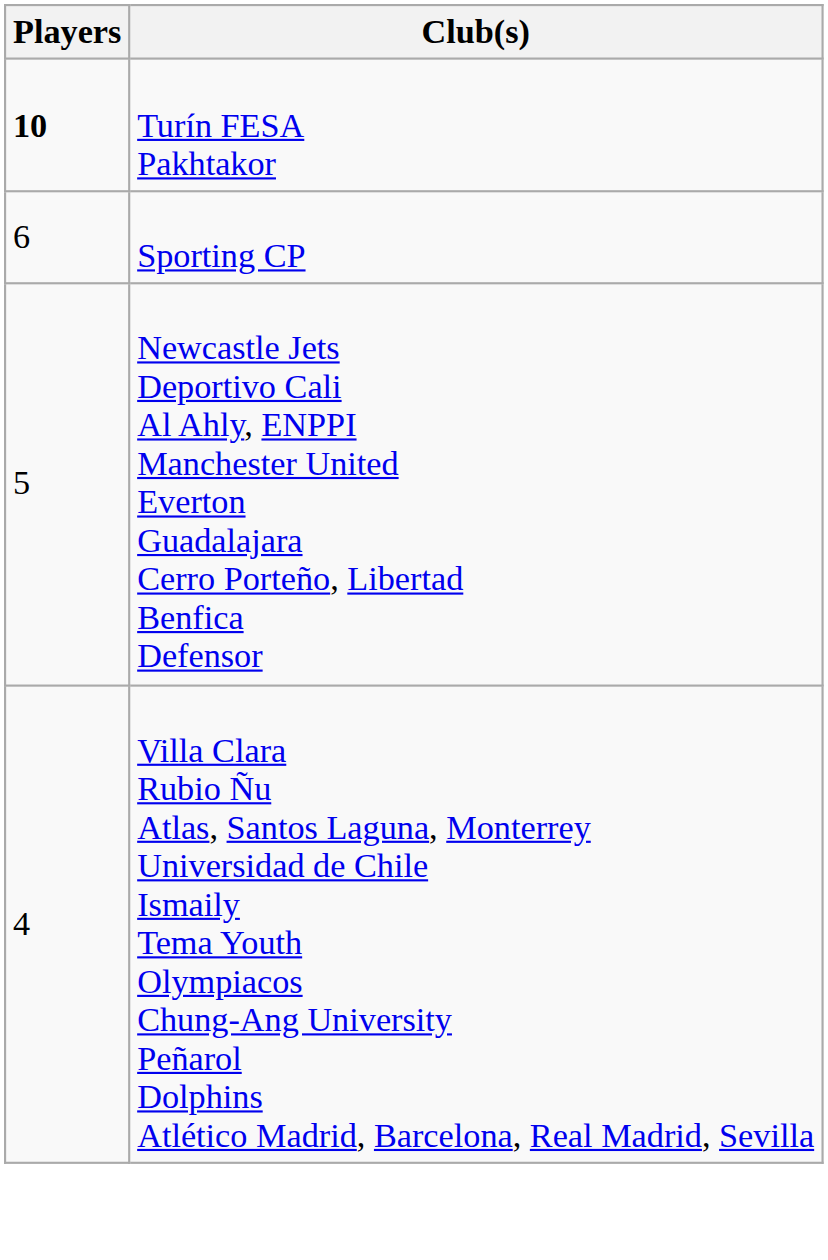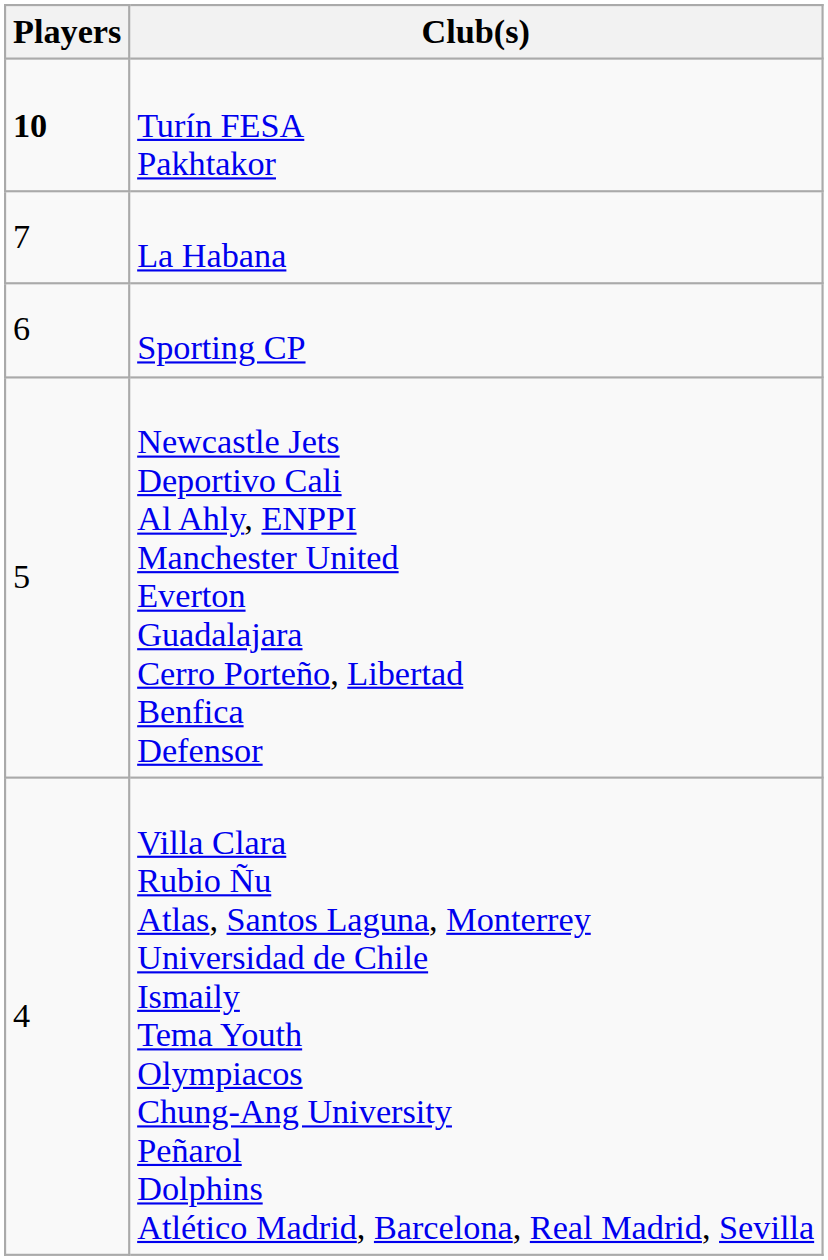 <table class="wikitable">
 <tr>
 <th>Players</th>
 <th>Club(s)</th>
 </tr>
 <tr>
 <td><strong>10</strong></td>
 <td><br> <a href='#'>Turín FESA</a> <br>  <a href='#'>Pakhtakor</a></td>
+</tr>
+<tr>
+<td>7</td>
+<td><br> <a href='#'>La Habana</a></td>
 </tr>
 <tr>
 <td>6</td>
 <td><br> <a href='#'>Sporting CP</a></td>
 </tr>
 <tr>
 <td>5</td>
 <td><br> <a href='#'>Newcastle Jets</a> <br>  <a href='#'>Deportivo Cali</a> <br>  <a href='#'>Al Ahly</a>, <a href='#'>ENPPI</a> <br>  <a href='#'>Manchester United</a> <br>  <a href='#'>Everton</a> <br>  <a href='#'>Guadalajara</a> <br>  <a href='#'>Cerro Porteño</a>, <a href='#'>Libertad</a> <br>  <a href='#'>Benfica</a> <br>  <a href='#'>Defensor</a></td>
 </tr>
 <tr>
 <td>4</td>
 <td><br> <a href='#'>Villa Clara</a> <br>  <a href='#'>Rubio Ñu</a> <br>  <a href='#'>Atlas</a>, <a href='#'>Santos Laguna</a>, <a href='#'>Monterrey</a> <br>  <a href='#'>Universidad de Chile</a> <br>  <a href='#'>Ismaily</a> <br>  <a href='#'>Tema Youth</a> <br>  <a href='#'>Olympiacos</a> <br>  <a href='#'>Chung-Ang University</a> <br>  <a href='#'>Peñarol</a> <br>  <a href='#'>Dolphins</a> <br>  <a href='#'>Atlético Madrid</a>, <a href='#'>Barcelona</a>, <a href='#'>Real Madrid</a>, <a href='#'>Sevilla</a> <br></td>
 </tr>
 </table>
